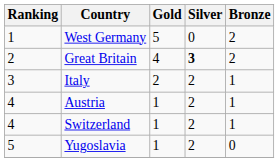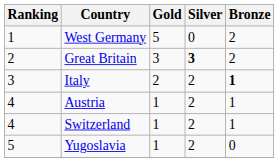 <table class="wikitable">
 <tr>
 <th>Ranking</th>
 <th>Country</th>
 <th>Gold </th>
 <th>Silver </th>
 <th>Bronze </th>
 </tr>
 <tr>
 <td>1</td>
 <td> <a href='#'>West Germany</a></td>
 <td>5</td>
 <td>0</td>
 <td>2</td>
 </tr>
 <tr>
 <td>2</td>
 <td> <a href='#'>Great Britain</a></td>
-<td>4</td>
+<td>3</td>
 <td><strong>3</strong></td>
 <td>2</td>
 </tr>
 <tr>
 <td>3</td>
 <td> <a href='#'>Italy</a></td>
 <td>2</td>
 <td>2</td>
-<td>1</td>
+<td><strong>1</strong></td>
 </tr>
 <tr>
 <td>4</td>
 <td> <a href='#'>Austria</a></td>
 <td>1</td>
 <td>2</td>
 <td>1</td>
 </tr>
 <tr>
 <td>4</td>
 <td> <a href='#'>Switzerland</a></td>
 <td>1</td>
 <td>2</td>
 <td>1</td>
 </tr>
 <tr>
 <td>5</td>
 <td> <a href='#'>Yugoslavia</a></td>
 <td>1</td>
 <td>2</td>
 <td>0</td>
 </tr>
 <tr>
 </tr>
 </table>
